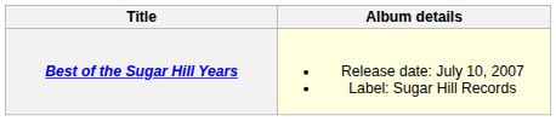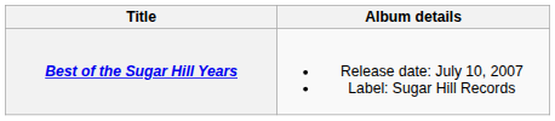 <table class="wikitable plainrowheaders" style="text-align:center;">
 <tr>
 <th style="width:18em;">Title</th>
 <th style="width:18em;">Album details</th>
 </tr>
 <tr>
 <th scope="row"><em><a href='#'>Best of the Sugar Hill Years</a></em></th>
-<td style="background: lightyellow;"><br><ul><li>Release date: July 10, 2007</li><li>Label: Sugar Hill Records</li></ul></td>
+<td><br><ul><li>Release date: July 10, 2007</li><li>Label: Sugar Hill Records</li></ul></td>
 </tr>
 </table>
